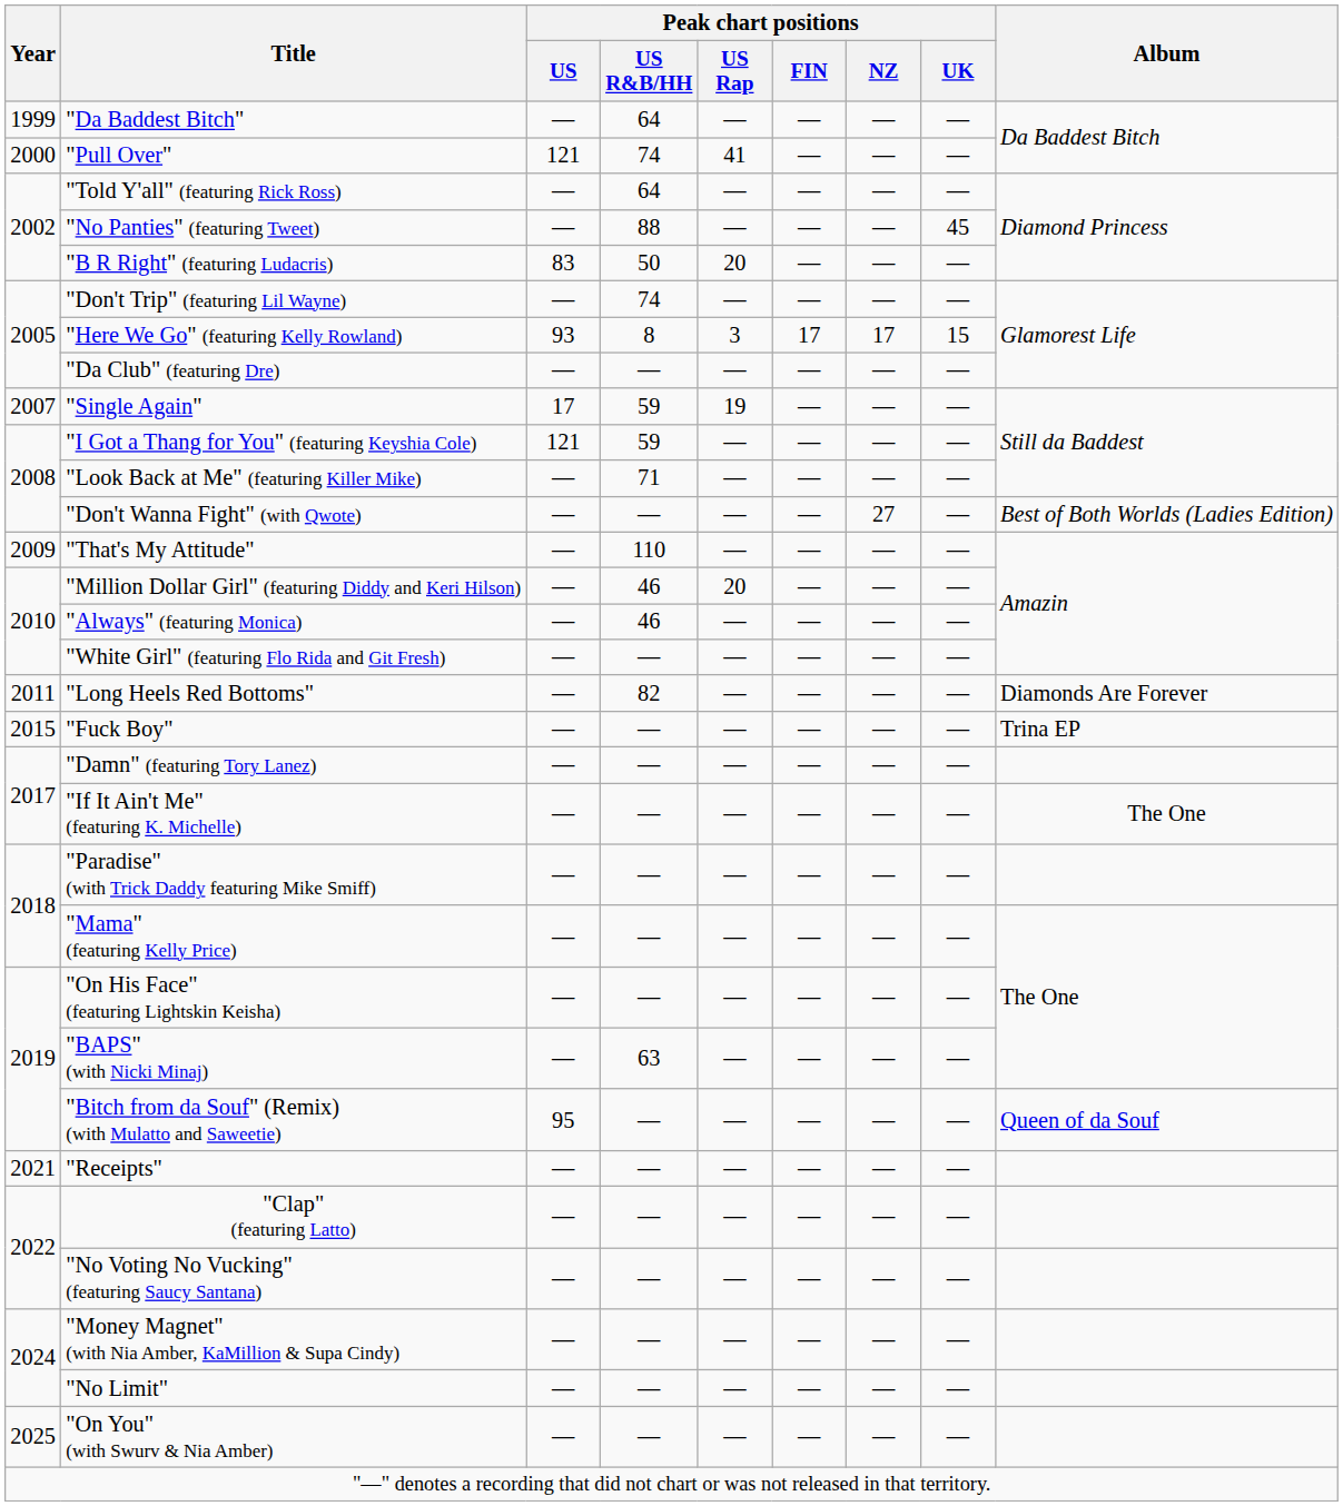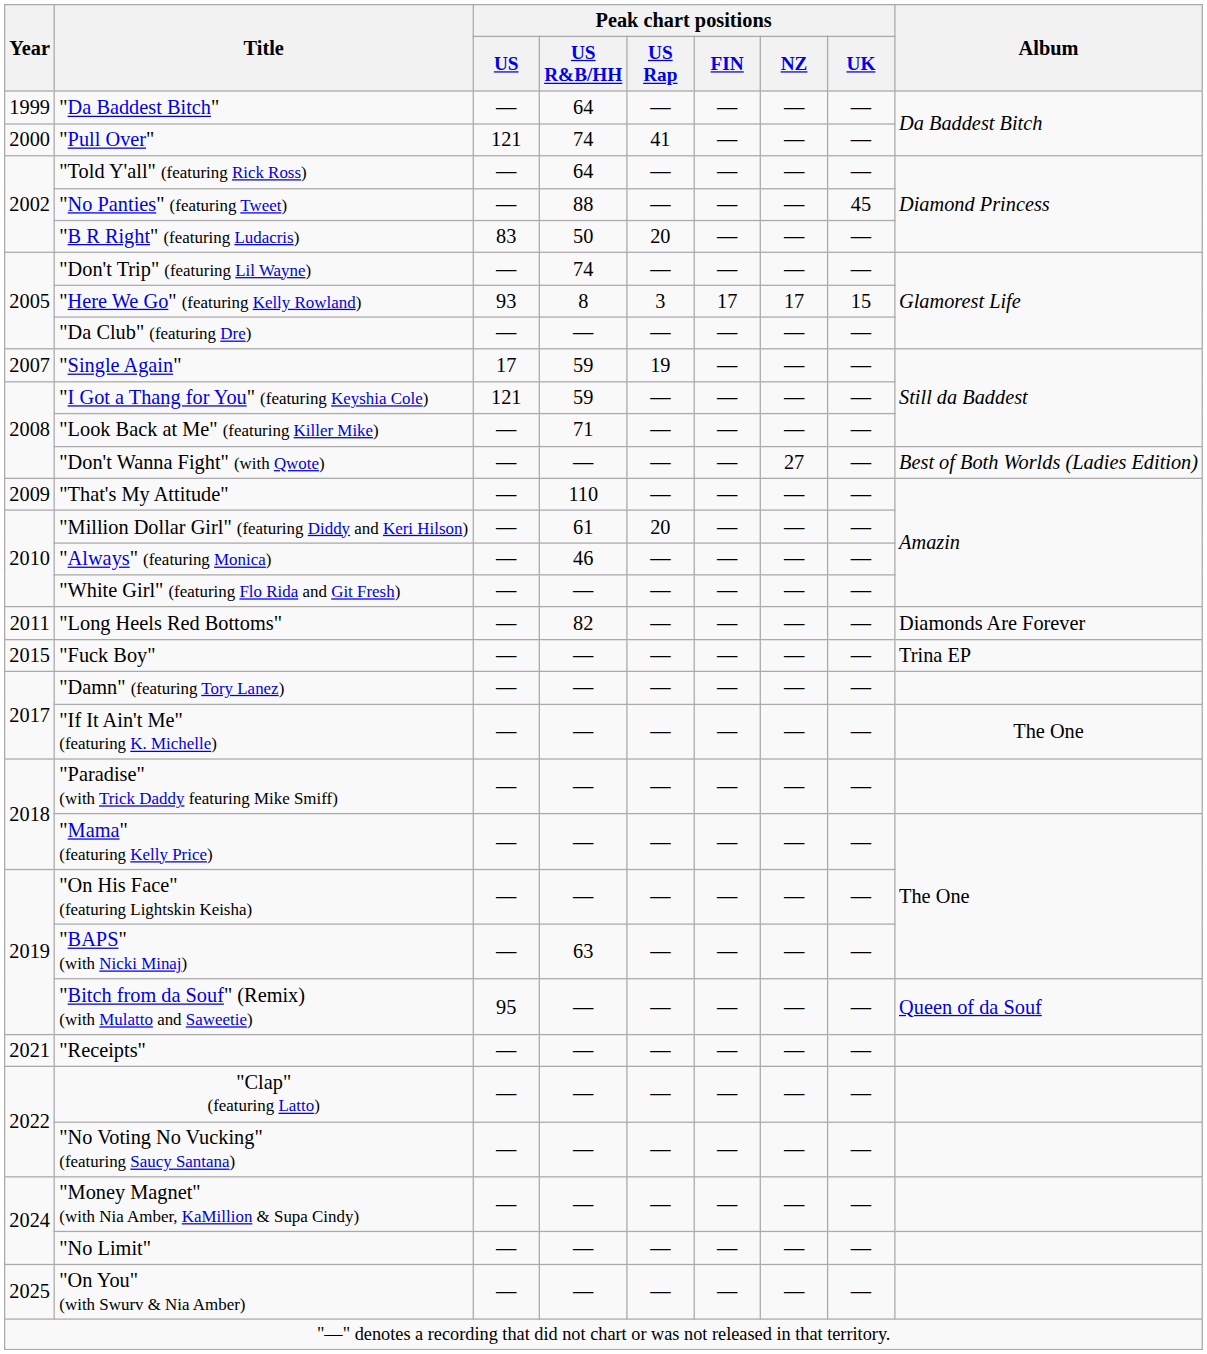 <table class="wikitable" style="text-align:center">
 <tr>
 <th rowspan="2">Year</th>
 <th rowspan="2">Title</th>
 <th colspan="6">Peak chart positions</th>
 <th rowspan="2">Album</th>
 </tr>
 <tr>
 <th style="width:3em;font-size:95%"><a href='#'>US</a><br></th>
 <th style="width:3em;font-size:95%"><a href='#'>US<br>R&B/HH</a><br></th>
 <th style="width:3em;font-size:95%"><a href='#'>US Rap</a><br></th>
 <th style="width:3em;font-size:95%"><a href='#'>FIN</a><br></th>
 <th style="width:3em;font-size:95%"><a href='#'>NZ</a><br></th>
 <th style="width:3em;font-size:95%"><a href='#'>UK</a><br></th>
 </tr>
 <tr>
 <td>1999</td>
 <td style="text-align:left;">"<a href='#'>Da Baddest Bitch</a>"</td>
 <td>—</td>
 <td>64</td>
 <td>—</td>
 <td>—</td>
 <td>—</td>
 <td>—</td>
 <td style="text-align:left;" rowspan="2"><em>Da Baddest Bitch</em></td>
 </tr>
 <tr>
 <td>2000</td>
 <td style="text-align:left;">"<a href='#'>Pull Over</a>"</td>
 <td>121</td>
 <td>74</td>
 <td>41</td>
 <td>—</td>
 <td>—</td>
 <td>—</td>
 </tr>
 <tr>
 <td rowspan="3">2002</td>
 <td style="text-align:left;">"Told Y'all" <small>(featuring <a href='#'>Rick Ross</a>)</small></td>
 <td>—</td>
 <td>64</td>
 <td>—</td>
 <td>—</td>
 <td>—</td>
 <td>—</td>
 <td style="text-align:left;" rowspan="3"><em>Diamond Princess</em></td>
 </tr>
 <tr>
 <td style="text-align:left;">"<a href='#'>No Panties</a>" <small>(featuring <a href='#'>Tweet</a>)</small></td>
 <td>—</td>
 <td>88</td>
 <td>—</td>
 <td>—</td>
 <td>—</td>
 <td>45</td>
 </tr>
 <tr>
 <td style="text-align:left; ">"<a href='#'>B R Right</a>" <small>(featuring <a href='#'>Ludacris</a>)</small></td>
 <td>83</td>
 <td>50</td>
 <td>20</td>
 <td>—</td>
 <td>—</td>
 <td>—</td>
 </tr>
 <tr>
 <td style="text-align:center;" rowspan="3">2005</td>
 <td style="text-align:left;">"Don't Trip" <small>(featuring <a href='#'>Lil Wayne</a>)</small></td>
 <td>—</td>
 <td>74</td>
 <td>—</td>
 <td>—</td>
 <td>—</td>
 <td>—</td>
 <td style="text-align:left;" rowspan="3"><em>Glamorest Life</em></td>
 </tr>
 <tr>
 <td style="text-align:left;">"<a href='#'>Here We Go</a>" <small>(featuring <a href='#'>Kelly Rowland</a>)</small></td>
 <td>93</td>
 <td>8</td>
 <td>3</td>
 <td>17</td>
 <td>17</td>
 <td>15</td>
 </tr>
 <tr>
 <td style="text-align:left;">"Da Club" <small>(featuring <a href='#'>Dre</a>)</small></td>
 <td>—</td>
 <td>—</td>
 <td>—</td>
 <td>—</td>
 <td>—</td>
 <td>—</td>
 </tr>
 <tr>
 <td style="text-align:center;">2007</td>
 <td style="text-align:left;">"<a href='#'>Single Again</a>"</td>
 <td>17</td>
 <td>59</td>
 <td>19</td>
 <td>—</td>
 <td>—</td>
 <td>—</td>
 <td style="text-align:left;" rowspan="3"><em>Still da Baddest</em></td>
 </tr>
 <tr>
 <td style="text-align:center;" rowspan="3">2008</td>
 <td style="text-align:left;">"<a href='#'>I Got a Thang for You</a>" <small>(featuring <a href='#'>Keyshia Cole</a>)</small></td>
 <td>121</td>
 <td>59</td>
 <td>—</td>
 <td>—</td>
 <td>—</td>
 <td>—</td>
 </tr>
 <tr>
 <td style="text-align:left;">"Look Back at Me" <small>(featuring <a href='#'>Killer Mike</a>)</small></td>
 <td>—</td>
 <td>71<br></td>
 <td>—</td>
 <td>—</td>
 <td>—</td>
 <td>—</td>
 </tr>
 <tr>
 <td style="text-align:left; ">"Don't Wanna Fight" <small>(with <a href='#'>Qwote</a>)</small></td>
 <td>—</td>
 <td>—</td>
 <td>—</td>
 <td>—</td>
 <td>27</td>
 <td>—</td>
 <td style="text-align:left;"><em>Best of Both Worlds (Ladies Edition)</em></td>
 </tr>
 <tr>
 <td style="text-align:center;">2009</td>
 <td style="text-align:left;">"That's My Attitude"</td>
 <td>—</td>
 <td>110<br></td>
 <td>—</td>
 <td>—</td>
 <td>—</td>
 <td>—</td>
 <td style="text-align:left;" rowspan="4"><em>Amazin<strong></td>
 </tr>
 <tr>
 <td style="text-align:center;" rowspan="3">2010</td>
 <td style="text-align:left;">"Million Dollar Girl" <small>(featuring <a href='#'>Diddy</a> and <a href='#'>Keri Hilson</a>)</small></td>
 <td>—</td>
-<td>46</td>
+<td>61</td>
 <td>20</td>
 <td>—</td>
 <td>—</td>
 <td>—</td>
 </tr>
 <tr>
 <td style="text-align:left;">"<a href='#'>Always</a>" <small>(featuring <a href='#'>Monica</a>)</small></td>
 <td>—</td>
 <td>46</td>
 <td>—</td>
 <td>—</td>
 <td>—</td>
 <td>—</td>
 </tr>
 <tr>
 <td style="text-align:left;">"White Girl" <small>(featuring <a href='#'>Flo Rida</a> and <a href='#'>Git Fresh</a>)</small></td>
 <td>—</td>
 <td>—</td>
 <td>—</td>
 <td>—</td>
 <td>—</td>
 <td>—</td>
 </tr>
 <tr>
 <td>2011</td>
 <td style="text-align:left;">"Long Heels Red Bottoms"</td>
 <td>—</td>
 <td>82</td>
 <td>—</td>
 <td>—</td>
 <td>—</td>
 <td>—</td>
 <td style="text-align:left;"></em>Diamonds Are Forever<em></td>
 </tr>
 <tr>
 <td>2015</td>
 <td style="text-align:left;">"Fuck Boy"</td>
 <td>—</td>
 <td>—</td>
 <td>—</td>
 <td>—</td>
 <td>—</td>
 <td>—</td>
 <td style="text-align:left;"></em>Trina EP<em></td>
 </tr>
 <tr>
 <td rowspan="2">2017</td>
 <td style="text-align:left;">"Damn" <small>(featuring <a href='#'>Tory Lanez</a>)</small></td>
 <td>—</td>
 <td>—</td>
 <td>—</td>
 <td>—</td>
 <td>—</td>
 <td>—</td>
 <td></td>
 </tr>
 <tr>
 <td style="text-align:left;">"If It Ain't Me"<br><small>(featuring <a href='#'>K. Michelle</a>)</small></td>
 <td>—</td>
 <td>—</td>
 <td>—</td>
 <td>—</td>
 <td>—</td>
 <td>—</td>
 <td></em>The One<em></td>
 </tr>
 <tr>
 <td rowspan="2">2018</td>
 <td style="text-align:left;">"Paradise"<br><small>(with <a href='#'>Trick Daddy</a> featuring Mike Smiff)</small></td>
 <td>—</td>
 <td>—</td>
 <td>—</td>
 <td>—</td>
 <td>—</td>
 <td>—</td>
 <td></td>
 </tr>
 <tr>
 <td style="text-align:left;">"<a href='#'>Mama</a>"<br><small>(featuring <a href='#'>Kelly Price</a>)</small></td>
 <td>—</td>
 <td>—</td>
 <td>—</td>
 <td>—</td>
 <td>—</td>
 <td>—</td>
 <td style="text-align:left;" rowspan="3"></em>The One<em></td>
 </tr>
 <tr>
 <td rowspan="3">2019</td>
 <td style="text-align:left;">"On His Face"<br><small>(featuring Lightskin Keisha)</small></td>
 <td>—</td>
 <td>—</td>
 <td>—</td>
 <td>—</td>
 <td>—</td>
 <td>—</td>
 </tr>
 <tr>
 <td style="text-align:left;">"<a href='#'>BAPS</a>"<br><small>(with <a href='#'>Nicki Minaj</a>)</small></td>
 <td>—</td>
 <td>63</td>
 <td>—</td>
 <td>—</td>
 <td>—</td>
 <td>—</td>
 </tr>
 <tr>
 <td style="text-align:left;">"<a href='#'>Bitch from da Souf</a>" (Remix)<br><small>(with <a href='#'>Mulatto</a> and <a href='#'>Saweetie</a>)</small></td>
 <td>95</td>
 <td>—</td>
 <td>—</td>
 <td>—</td>
 <td>—</td>
 <td>—</td>
 <td style="text-align:left;"></em><a href='#'>Queen of da Souf</a><em></td>
 </tr>
 <tr>
 <td>2021</td>
 <td style="text-align:left;">"Receipts"</td>
 <td>—</td>
 <td>—</td>
 <td>—</td>
 <td>—</td>
 <td>—</td>
 <td>—</td>
 <td></td>
 </tr>
 <tr>
 <td rowspan="2">2022</td>
 <td style="text-aling:left;">"Clap"<br><small>(featuring <a href='#'>Latto</a>)</small></td>
 <td>—</td>
 <td>—</td>
 <td>—</td>
 <td>—</td>
 <td>—</td>
 <td>—</td>
 <td></td>
 </tr>
 <tr>
 <td style="text-align:left;">"No Voting No Vucking"<br><small>(featuring <a href='#'>Saucy Santana</a>)</small></td>
 <td>—</td>
 <td>—</td>
 <td>—</td>
 <td>—</td>
 <td>—</td>
 <td>—</td>
 <td></td>
 </tr>
 <tr>
 <td rowspan="2">2024</td>
 <td style="text-align:left;">"Money Magnet"<br><small>(with Nia Amber, <a href='#'>KaMillion</a> & Supa Cindy)</small></td>
 <td>—</td>
 <td>—</td>
 <td>—</td>
 <td>—</td>
 <td>—</td>
 <td>—</td>
 <td></td>
 </tr>
 <tr>
 <td style="text-align:left;">"No Limit"</td>
 <td>—</td>
 <td>—</td>
 <td>—</td>
 <td>—</td>
 <td>—</td>
 <td>—</td>
 <td></td>
 </tr>
 <tr>
 <td>2025</td>
 <td style="text-align:left;">"On You"<br><small>(with Swurv & Nia Amber)</small></td>
 <td>—</td>
 <td>—</td>
 <td>—</td>
 <td>—</td>
 <td>—</td>
 <td>—</td>
 <td></td>
 </tr>
 <tr>
 <td colspan="9" style="font-size:90%">"—" denotes a recording that did not chart or was not released in that territory.</td>
 </tr>
 </table>
